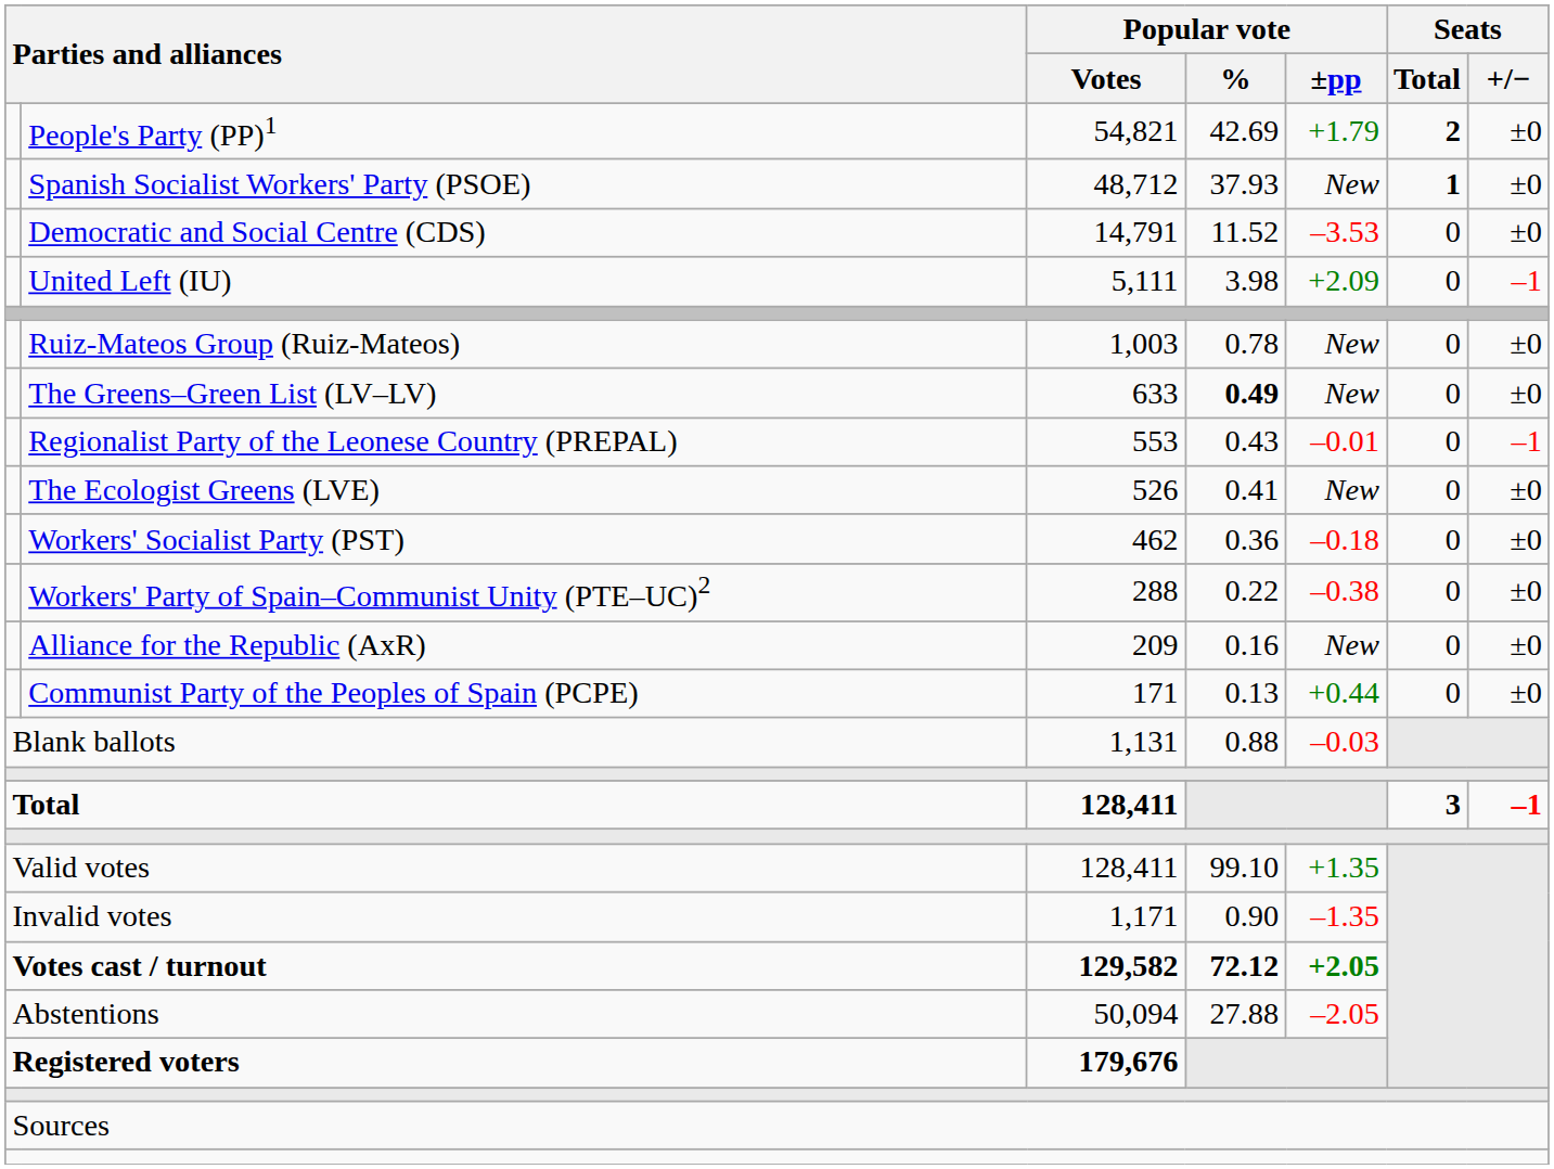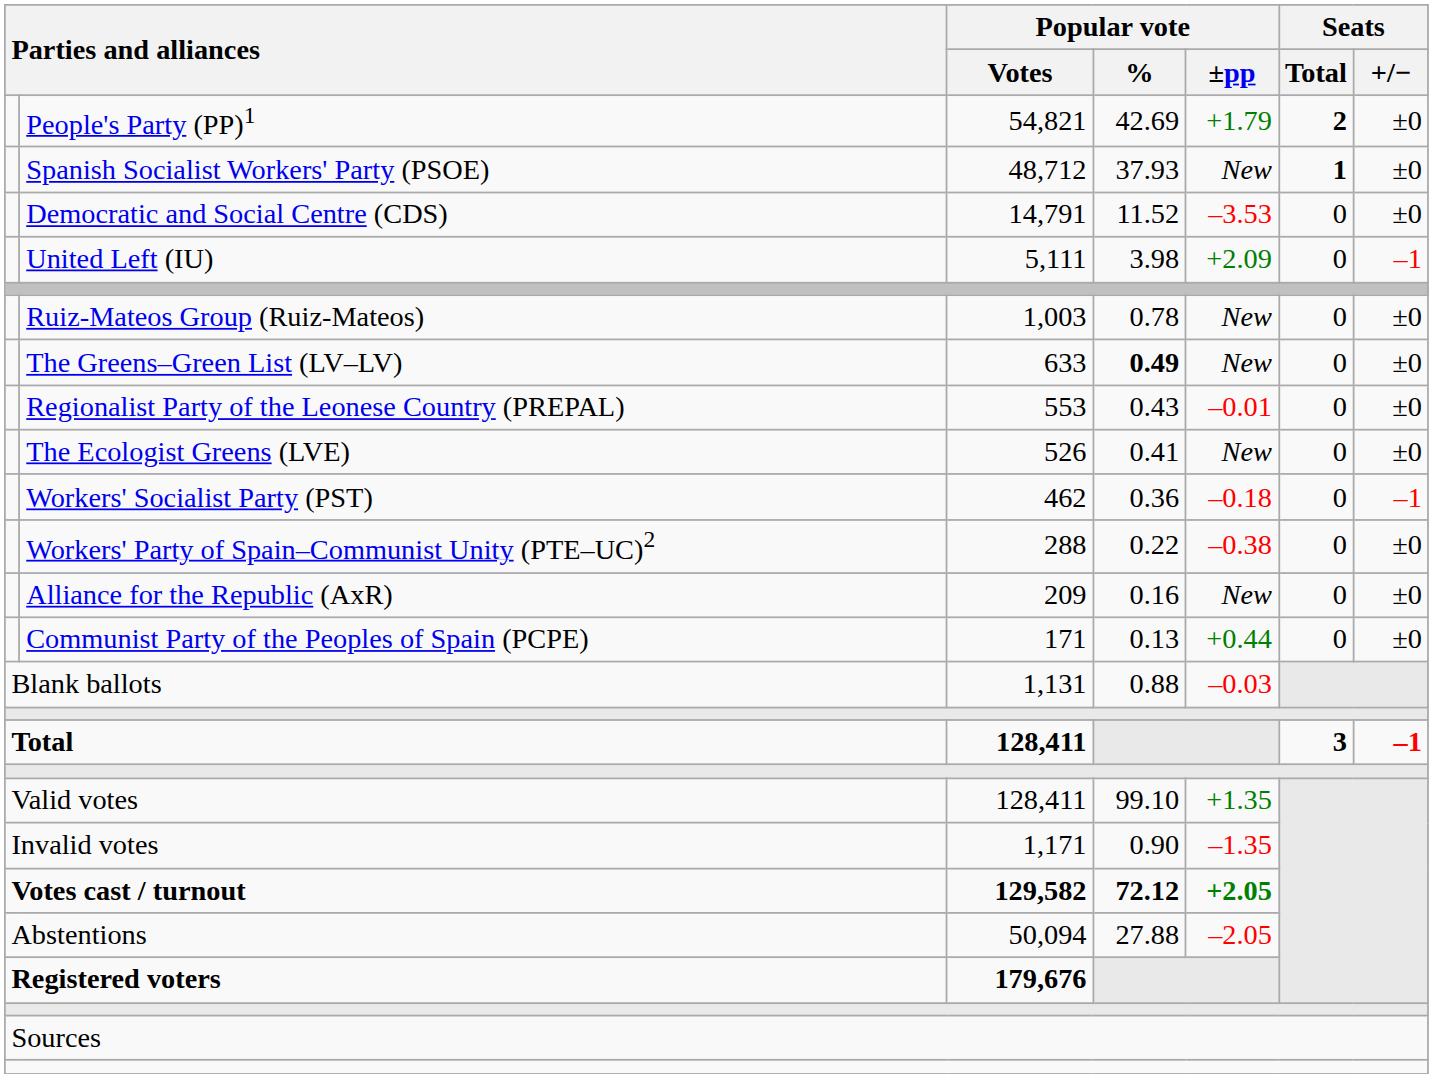 <table class="wikitable" style="text-align:right;">
 <tr>
 <th style="text-align:left;" rowspan="2" colspan="2" width="525">Parties and alliances</th>
 <th colspan="3">Popular vote</th>
 <th colspan="2">Seats</th>
 </tr>
 <tr>
 <th width="75">Votes</th>
 <th width="45">%</th>
 <th width="45">±<a href='#'>pp</a></th>
 <th width="35">Total</th>
 <th width="35">+/−</th>
 </tr>
 <tr>
 <td width="1" style="color:inherit;background:"></td>
 <td align="left"><a href='#'>People's Party</a> (PP)<sup>1</sup></td>
 <td>54,821</td>
 <td>42.69</td>
 <td style="color:green;">+1.79</td>
 <td><strong>2</strong></td>
 <td>±0</td>
 </tr>
 <tr>
 <td style="color:inherit;background:"></td>
 <td align="left"><a href='#'>Spanish Socialist Workers' Party</a> (PSOE)</td>
 <td>48,712</td>
 <td>37.93</td>
 <td><em>New</em></td>
 <td><strong>1</strong></td>
 <td>±0</td>
 </tr>
 <tr>
 <td style="color:inherit;background:"></td>
 <td align="left"><a href='#'>Democratic and Social Centre</a> (CDS)</td>
 <td>14,791</td>
 <td>11.52</td>
 <td style="color:red;">–3.53</td>
 <td>0</td>
 <td>±0</td>
 </tr>
 <tr>
 <td style="color:inherit;background:"></td>
 <td align="left"><a href='#'>United Left</a> (IU)</td>
 <td>5,111</td>
 <td>3.98</td>
 <td style="color:green;">+2.09</td>
 <td>0</td>
 <td style="color:red;">–1</td>
 </tr>
 <tr>
 <td colspan="7" bgcolor="#C0C0C0"></td>
 </tr>
 <tr>
 <td style="color:inherit;background:"></td>
 <td align="left"><a href='#'>Ruiz-Mateos Group</a> (Ruiz-Mateos)</td>
 <td>1,003</td>
 <td>0.78</td>
 <td><em>New</em></td>
 <td>0</td>
 <td>±0</td>
 </tr>
 <tr>
 <td style="color:inherit;background:"></td>
 <td align="left"><a href='#'>The Greens–Green List</a> (LV–LV)</td>
 <td>633</td>
 <td><strong>0.49</strong></td>
 <td><em>New</em></td>
 <td>0</td>
 <td>±0</td>
 </tr>
 <tr>
 <td style="color:inherit;background:"></td>
 <td align="left"><a href='#'>Regionalist Party of the Leonese Country</a> (PREPAL)</td>
 <td>553</td>
 <td>0.43</td>
 <td style="color:red;">–0.01</td>
 <td>0</td>
-<td style="color:red;">–1</td>
+<td>±0</td>
 </tr>
 <tr>
 <td style="color:inherit;background:"></td>
 <td align="left"><a href='#'>The Ecologist Greens</a> (LVE)</td>
 <td>526</td>
 <td>0.41</td>
 <td><em>New</em></td>
 <td>0</td>
 <td>±0</td>
 </tr>
 <tr>
 <td style="color:inherit;background:"></td>
 <td align="left"><a href='#'>Workers' Socialist Party</a> (PST)</td>
 <td>462</td>
 <td>0.36</td>
 <td style="color:red;">–0.18</td>
 <td>0</td>
-<td>±0</td>
+<td style="color:red;">–1</td>
 </tr>
 <tr>
 <td style="color:inherit;background:"></td>
 <td align="left"><a href='#'>Workers' Party of Spain–Communist Unity</a> (PTE–UC)<sup>2</sup></td>
 <td>288</td>
 <td>0.22</td>
 <td style="color:red;">–0.38</td>
 <td>0</td>
 <td>±0</td>
 </tr>
 <tr>
 <td style="color:inherit;background:"></td>
 <td align="left"><a href='#'>Alliance for the Republic</a> (AxR)</td>
 <td>209</td>
 <td>0.16</td>
 <td><em>New</em></td>
 <td>0</td>
 <td>±0</td>
 </tr>
 <tr>
 <td style="color:inherit;background:"></td>
 <td align="left"><a href='#'>Communist Party of the Peoples of Spain</a> (PCPE)</td>
 <td>171</td>
 <td>0.13</td>
 <td style="color:green;">+0.44</td>
 <td>0</td>
 <td>±0</td>
 </tr>
 <tr>
 <td align="left" colspan="2">Blank ballots</td>
 <td>1,131</td>
 <td>0.88</td>
 <td style="color:red;">–0.03</td>
 <td bgcolor="#E9E9E9" colspan="2"></td>
 </tr>
 <tr>
 <td colspan="7" bgcolor="#E9E9E9"></td>
 </tr>
 <tr style="font-weight:bold;">
 <td align="left" colspan="2">Total</td>
 <td>128,411</td>
 <td bgcolor="#E9E9E9" colspan="2"></td>
 <td>3</td>
 <td style="color:red;">–1</td>
 </tr>
 <tr>
 <td colspan="7" bgcolor="#E9E9E9"></td>
 </tr>
 <tr>
 <td align="left" colspan="2">Valid votes</td>
 <td>128,411</td>
 <td>99.10</td>
 <td style="color:green;">+1.35</td>
 <td bgcolor="#E9E9E9" colspan="2" rowspan="5"></td>
 </tr>
 <tr>
 <td align="left" colspan="2">Invalid votes</td>
 <td>1,171</td>
 <td>0.90</td>
 <td style="color:red;">–1.35</td>
 </tr>
 <tr style="font-weight:bold;">
 <td align="left" colspan="2">Votes cast / turnout</td>
 <td>129,582</td>
 <td>72.12</td>
 <td style="color:green;">+2.05</td>
 </tr>
 <tr>
 <td align="left" colspan="2">Abstentions</td>
 <td>50,094</td>
 <td>27.88</td>
 <td style="color:red;">–2.05</td>
 </tr>
 <tr style="font-weight:bold;">
 <td align="left" colspan="2">Registered voters</td>
 <td>179,676</td>
 <td bgcolor="#E9E9E9" colspan="2"></td>
 </tr>
 <tr>
 <td colspan="7" bgcolor="#E9E9E9"></td>
 </tr>
 <tr>
 <td align="left" colspan="7">Sources</td>
 </tr>
 <tr>
 <td colspan="7" style="text-align:left; max-width:790px;"></td>
 </tr>
 </table>
